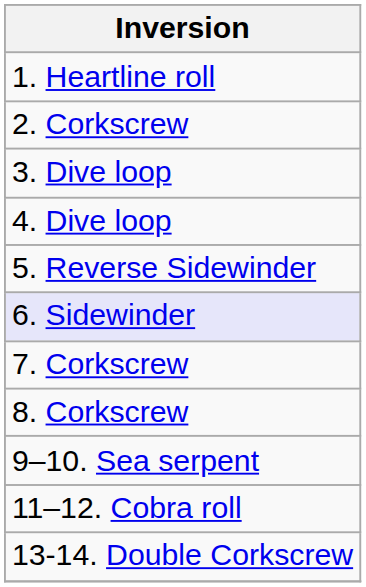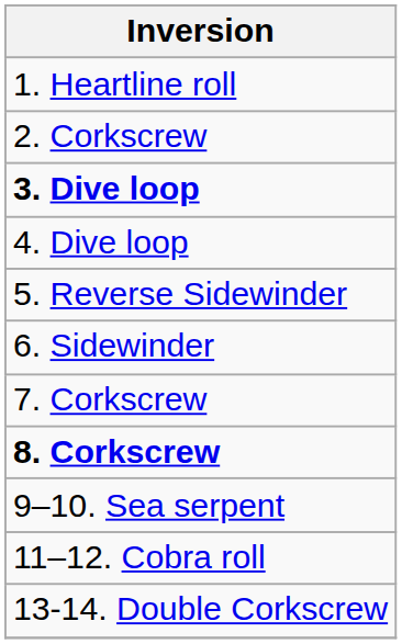 <table class="wikitable plainrowheaders">
 <tr>
 <th>Inversion</th>
 </tr>
 <tr>
 <td>1. <a href='#'>Heartline roll</a></td>
 </tr>
 <tr>
 <td>2. <a href='#'>Corkscrew</a></td>
 </tr>
 <tr>
-<td>3. <a href='#'>Dive loop</a></td>
+<td><strong>3. <a href='#'>Dive loop</a></strong></td>
 </tr>
 <tr>
 <td>4. <a href='#'>Dive loop</a></td>
 </tr>
 <tr>
 <td>5. <a href='#'>Reverse Sidewinder</a></td>
 </tr>
 <tr>
-<td style="background: lavender;">6. <a href='#'>Sidewinder</a></td>
+<td>6. <a href='#'>Sidewinder</a></td>
 </tr>
 <tr>
 <td>7. <a href='#'>Corkscrew</a></td>
 </tr>
 <tr>
-<td>8. <a href='#'>Corkscrew</a></td>
+<td><strong>8. <a href='#'>Corkscrew</a></strong></td>
 </tr>
 <tr>
 <td>9–10. <a href='#'>Sea serpent</a></td>
 </tr>
 <tr>
 <td>11–12. <a href='#'>Cobra roll</a></td>
 </tr>
 <tr>
 <td>13-14. <a href='#'>Double Corkscrew</a></td>
 </tr>
 <tr>
 </tr>
 </table>
